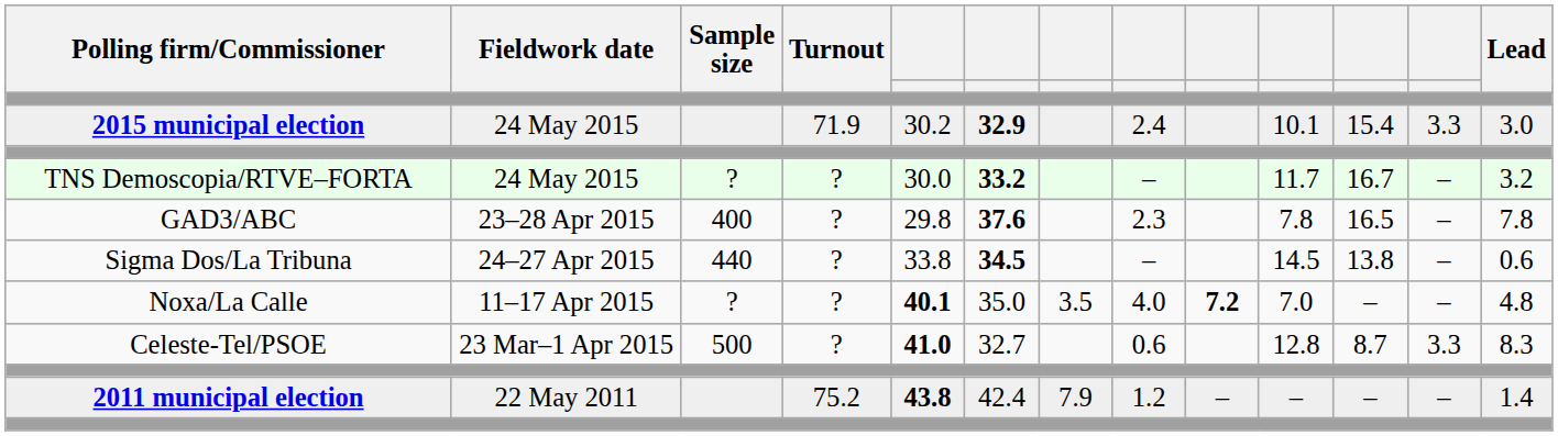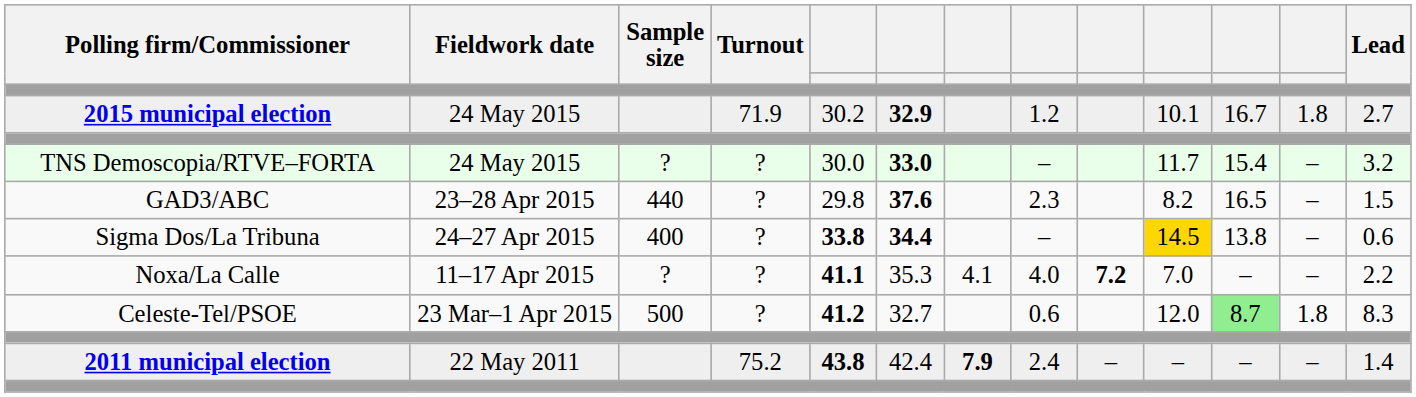 <table class="wikitable collapsible collapsed" style="text-align:center; font-size:95%; line-height:16px;">
 <tr style="height:42px;">
 <th style="width:250px;" rowspan="2">Polling firm/Commissioner</th>
 <th style="width:125px;" rowspan="2">Fieldwork date</th>
 <th style="width:50px;" rowspan="2">Sample size</th>
 <th style="width:45px;" rowspan="2">Turnout</th>
 <th style="width:35px;"></th>
 <th style="width:35px;"></th>
 <th style="width:35px;"></th>
 <th style="width:35px;"></th>
 <th style="width:35px;"></th>
 <th style="width:35px;"></th>
 <th style="width:35px;"></th>
 <th style="width:35px;"></th>
 <th style="width:30px;" rowspan="2">Lead</th>
 </tr>
 <tr>
 <th style="color:inherit;background:"></th>
 <th style="color:inherit;background:"></th>
 <th style="color:inherit;background:"></th>
 <th style="color:inherit;background:"></th>
 <th style="color:inherit;background:"></th>
 <th style="color:inherit;background:"></th>
 <th style="color:inherit;background:"></th>
 <th style="color:inherit;background:"></th>
 </tr>
 <tr>
 <td colspan="13" style="background:#A0A0A0"></td>
 </tr>
 <tr style="background:#EFEFEF;">
 <td><strong><a href='#'>2015 municipal election</a></strong></td>
 <td>24 May 2015</td>
 <td></td>
 <td>71.9</td>
 <td>30.2<br></td>
 <td><strong>32.9</strong><br></td>
 <td></td>
-<td>2.4<br></td>
+<td>1.2<br></td>
 <td></td>
 <td>10.1<br></td>
-<td>15.4<br></td>
-<td>3.3<br></td>
-<td style="background:">3.0</td>
+<td>16.7<br></td>
+<td>1.8<br></td>
+<td style="background:">2.7</td>
 </tr>
 <tr>
 <td colspan="13" style="background:#A0A0A0"></td>
 </tr>
 <tr style="background:#EAFFEA;">
 <td>TNS Demoscopia/RTVE–FORTA</td>
 <td>24 May 2015</td>
 <td>?</td>
 <td>?</td>
 <td>30.0<br></td>
-<td><strong>33.2</strong><br></td>
+<td><strong>33.0</strong><br></td>
 <td></td>
 <td>–</td>
 <td></td>
 <td>11.7<br></td>
-<td>16.7<br></td>
+<td>15.4<br></td>
 <td>–</td>
 <td style="background:">3.2</td>
 </tr>
 <tr>
 <td>GAD3/ABC</td>
 <td>23–28 Apr 2015</td>
-<td>400</td>
+<td>440</td>
 <td>?</td>
 <td>29.8<br></td>
 <td><strong>37.6</strong><br></td>
 <td></td>
 <td>2.3<br></td>
 <td></td>
-<td>7.8<br></td>
+<td>8.2<br></td>
 <td>16.5<br></td>
 <td>–</td>
-<td style="background:">7.8</td>
+<td style="background:">1.5</td>
 </tr>
 <tr>
 <td>Sigma Dos/La Tribuna</td>
 <td>24–27 Apr 2015</td>
-<td>440</td>
+<td>400</td>
 <td>?</td>
-<td>33.8<br></td>
-<td><strong>34.5</strong><br></td>
+<td><strong>33.8<br></strong></td>
+<td><strong>34.4</strong><br></td>
 <td></td>
 <td>–</td>
 <td></td>
-<td>14.5<br></td>
+<td style="background: gold;">14.5<br></td>
 <td>13.8<br></td>
 <td>–</td>
 <td style="background:">0.6</td>
 </tr>
 <tr>
 <td>Noxa/La Calle</td>
 <td>11–17 Apr 2015</td>
 <td>?</td>
 <td>?</td>
-<td><strong>40.1</strong></td>
-<td>35.0</td>
-<td>3.5</td>
+<td><strong>41.1</strong></td>
+<td>35.3</td>
+<td>4.1</td>
 <td>4.0</td>
 <td><strong>7.2</strong></td>
 <td>7.0</td>
 <td>–</td>
 <td>–</td>
-<td style="background:">4.8</td>
+<td style="background:">2.2</td>
 </tr>
 <tr>
 <td>Celeste-Tel/PSOE</td>
 <td>23 Mar–1 Apr 2015</td>
 <td>500</td>
 <td>?</td>
-<td><strong>41.0</strong><br></td>
+<td><strong>41.2</strong><br></td>
 <td>32.7<br></td>
 <td></td>
 <td>0.6<br></td>
 <td></td>
-<td>12.8<br></td>
-<td>8.7<br></td>
-<td>3.3<br></td>
+<td>12.0<br></td>
+<td style="background: lightgreen;">8.7<br></td>
+<td>1.8<br></td>
 <td style="background:">8.3</td>
 </tr>
 <tr>
 <td colspan="13" style="background:#A0A0A0"></td>
 </tr>
 <tr style="background:#EFEFEF;">
 <td><strong><a href='#'>2011 municipal election</a></strong></td>
 <td>22 May 2011</td>
 <td></td>
 <td>75.2</td>
 <td><strong>43.8</strong><br></td>
 <td>42.4<br></td>
-<td>7.9<br></td>
-<td>1.2<br></td>
+<td><strong>7.9<br></strong></td>
+<td>2.4<br></td>
 <td>–</td>
 <td>–</td>
 <td>–</td>
 <td>–</td>
 <td style="background:">1.4</td>
 </tr>
 <tr>
 <td colspan="13" style="background:#A0A0A0"></td>
 </tr>
 </table>
